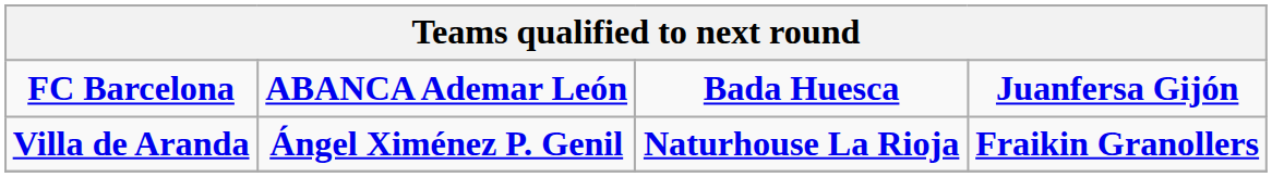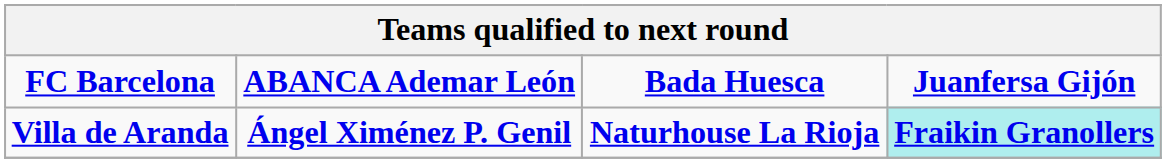 <table class="wikitable" style="text-align: center; margin: 0 auto;">
 <tr>
 <th colspan="4">Teams qualified to next round</th>
 </tr>
 <tr>
 <td><strong><a href='#'>FC Barcelona</a></strong></td>
 <td><strong><a href='#'>ABANCA Ademar León</a></strong></td>
 <td><strong><a href='#'>Bada Huesca</a></strong></td>
 <td><strong><a href='#'>Juanfersa Gijón</a></strong></td>
 </tr>
 <tr>
 <td><strong><a href='#'>Villa de Aranda</a></strong></td>
 <td><strong><a href='#'>Ángel Ximénez P. Genil</a></strong></td>
 <td><strong><a href='#'>Naturhouse La Rioja</a></strong></td>
-<td><strong><a href='#'>Fraikin Granollers</a></strong></td>
+<td style="background: paleturquoise;"><strong><a href='#'>Fraikin Granollers</a></strong></td>
 </tr>
 <tr>
 </tr>
 </table>
